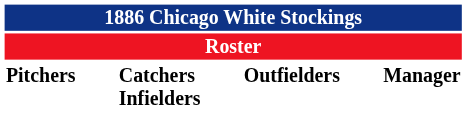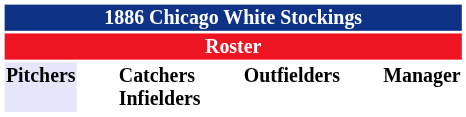 <table class="toccolours" style="font-size: 95%;">
 <tr>
 <th colspan="10" style="background-color: #0e3386; color: white; text-align: center;">1886 Chicago White Stockings</th>
 </tr>
 <tr>
 <td colspan="10" style="background-color: #EE1422; color: white; text-align: center;"><strong>Roster</strong></td>
 </tr>
 <tr>
-<td valign="top"><strong>Pitchers</strong><br>  </td>
+<td valign="top" style="background: lavender;"><strong>Pitchers</strong><br>  </td>
 <td width="25px"></td>
 <td valign="top"><strong>Catchers</strong><br>   <strong>Infielders</strong>    </td>
 <td width="25px"></td>
 <td valign="top"><strong>Outfielders</strong><br>    </td>
 <td width="25px"></td>
 <td valign="top"><strong>Manager</strong><br></td>
 </tr>
 <tr>
 </tr>
 </table>
